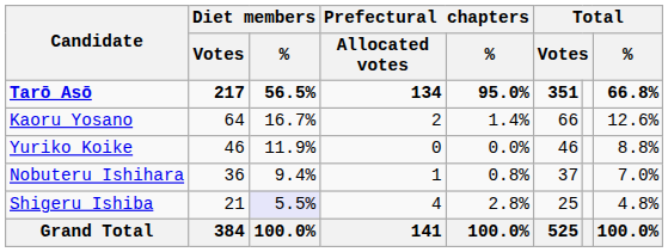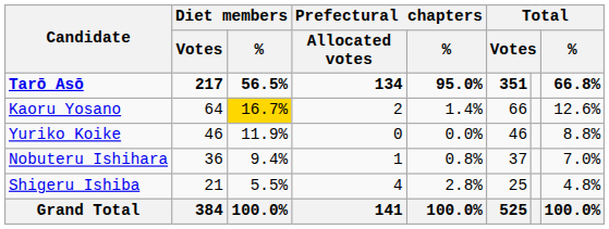 <table class="wikitable" style="text-align:right;font-size:95%;">
 <tr>
 <th rowspan=2>Candidate</th>
 <th colspan=2>Diet members</th>
 <th colspan=2>Prefectural chapters</th>
 <th colspan=3>Total</th>
 </tr>
 <tr>
 <th>Votes</th>
 <th>%</th>
 <th>Allocated<br>votes</th>
 <th>%</th>
 <th colspan="2">Votes</th>
 <th>%</th>
 </tr>
 <tr>
 <td style="text-align:left"><strong><a href='#'>Tarō Asō</a></strong></td>
 <td><strong>217</strong></td>
 <td><strong>56.5%</strong></td>
 <td><strong>134</strong></td>
 <td><strong>95.0%</strong></td>
 <td><strong>351</strong></td>
 <td align=center></td>
 <td><strong>66.8%</strong></td>
 </tr>
 <tr>
 <td style="text-align:left"><a href='#'>Kaoru Yosano</a></td>
 <td>64</td>
-<td>16.7%</td>
+<td style="background: gold;">16.7%</td>
 <td>2</td>
 <td>1.4%</td>
 <td>66</td>
 <td align=center></td>
 <td>12.6%</td>
 </tr>
 <tr>
 <td style="text-align:left"><a href='#'>Yuriko Koike</a></td>
 <td>46</td>
 <td>11.9%</td>
 <td>0</td>
 <td>0.0%</td>
 <td>46</td>
 <td align=center></td>
 <td>8.8%</td>
 </tr>
 <tr>
 <td style="text-align:left"><a href='#'>Nobuteru Ishihara</a></td>
 <td>36</td>
 <td>9.4%</td>
 <td>1</td>
 <td>0.8%</td>
 <td>37</td>
 <td align=center></td>
 <td>7.0%</td>
 </tr>
 <tr>
 <td style="text-align:left"><a href='#'>Shigeru Ishiba</a></td>
 <td>21</td>
-<td style="background: lavender;">5.5%</td>
+<td>5.5%</td>
 <td>4</td>
 <td>2.8%</td>
 <td>25</td>
 <td align=center></td>
 <td>4.8%</td>
 </tr>
 <tr>
 <th>Grand Total</th>
 <th style=text-align:right>384</th>
 <th style=text-align:right>100.0%</th>
 <th style=text-align:right>141</th>
 <th style=text-align:right>100.0%</th>
 <th style=text-align:right>525</th>
 <th></th>
 <th style=text-align:right>100.0%</th>
 </tr>
 </table>
